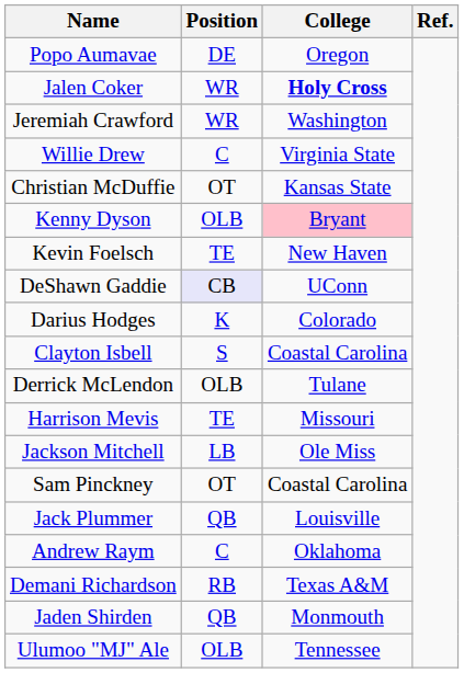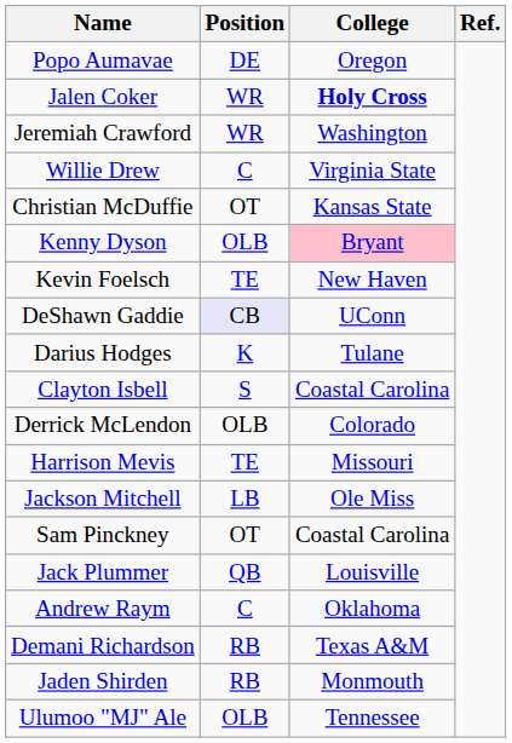 <table class="wikitable" style="text-align:center">
 <tr>
 <th>Name</th>
 <th>Position</th>
 <th>College</th>
 <th>Ref.</th>
 </tr>
 <tr>
 <td><a href='#'>Popo Aumavae</a></td>
 <td><a href='#'>DE</a></td>
 <td><a href='#'>Oregon</a></td>
 <td rowspan="19"></td>
 </tr>
 <tr>
 <td><a href='#'>Jalen Coker</a></td>
 <td><a href='#'>WR</a></td>
 <td><strong><a href='#'>Holy Cross</a></strong></td>
 </tr>
 <tr>
 <td>Jeremiah Crawford</td>
 <td><a href='#'>WR</a></td>
 <td><a href='#'>Washington</a></td>
 </tr>
 <tr>
 <td><a href='#'>Willie Drew</a></td>
 <td><a href='#'>C</a></td>
 <td><a href='#'>Virginia State</a></td>
 </tr>
 <tr>
 <td>Christian McDuffie</td>
 <td>OT</td>
 <td><a href='#'>Kansas State</a></td>
 </tr>
 <tr>
 <td><a href='#'>Kenny Dyson</a></td>
 <td><a href='#'>OLB</a></td>
 <td style="background: pink;"><a href='#'>Bryant</a></td>
 </tr>
 <tr>
 <td>Kevin Foelsch</td>
 <td><a href='#'>TE</a></td>
 <td><a href='#'>New Haven</a></td>
 </tr>
 <tr>
 <td>DeShawn Gaddie</td>
 <td style="background: lavender;">CB</td>
 <td><a href='#'>UConn</a></td>
 </tr>
 <tr>
 <td>Darius Hodges</td>
 <td><a href='#'>K</a></td>
-<td><a href='#'>Colorado</a></td>
+<td><a href='#'>Tulane</a></td>
 </tr>
 <tr>
 <td><a href='#'>Clayton Isbell</a></td>
 <td><a href='#'>S</a></td>
 <td><a href='#'>Coastal Carolina</a></td>
 </tr>
 <tr>
 <td>Derrick McLendon</td>
 <td>OLB</td>
-<td><a href='#'>Tulane</a></td>
+<td><a href='#'>Colorado</a></td>
 </tr>
 <tr>
 <td><a href='#'>Harrison Mevis</a></td>
 <td><a href='#'>TE</a></td>
 <td><a href='#'>Missouri</a></td>
 </tr>
 <tr>
 <td><a href='#'>Jackson Mitchell</a></td>
 <td><a href='#'>LB</a></td>
 <td><a href='#'>Ole Miss</a></td>
 </tr>
 <tr>
 <td>Sam Pinckney</td>
 <td>OT</td>
 <td>Coastal Carolina</td>
 </tr>
 <tr>
 <td><a href='#'>Jack Plummer</a></td>
 <td><a href='#'>QB</a></td>
 <td><a href='#'>Louisville</a></td>
 </tr>
 <tr>
 <td><a href='#'>Andrew Raym</a></td>
 <td><a href='#'>C</a></td>
 <td><a href='#'>Oklahoma</a></td>
 </tr>
 <tr>
 <td><a href='#'>Demani Richardson</a></td>
 <td><a href='#'>RB</a></td>
 <td><a href='#'>Texas A&M</a></td>
 </tr>
 <tr>
 <td><a href='#'>Jaden Shirden</a></td>
-<td><a href='#'>QB</a></td>
+<td><a href='#'>RB</a></td>
 <td><a href='#'>Monmouth</a></td>
 </tr>
 <tr>
 <td><a href='#'>Ulumoo "MJ" Ale</a></td>
 <td><a href='#'>OLB</a></td>
 <td><a href='#'>Tennessee</a></td>
 </tr>
 </table>
